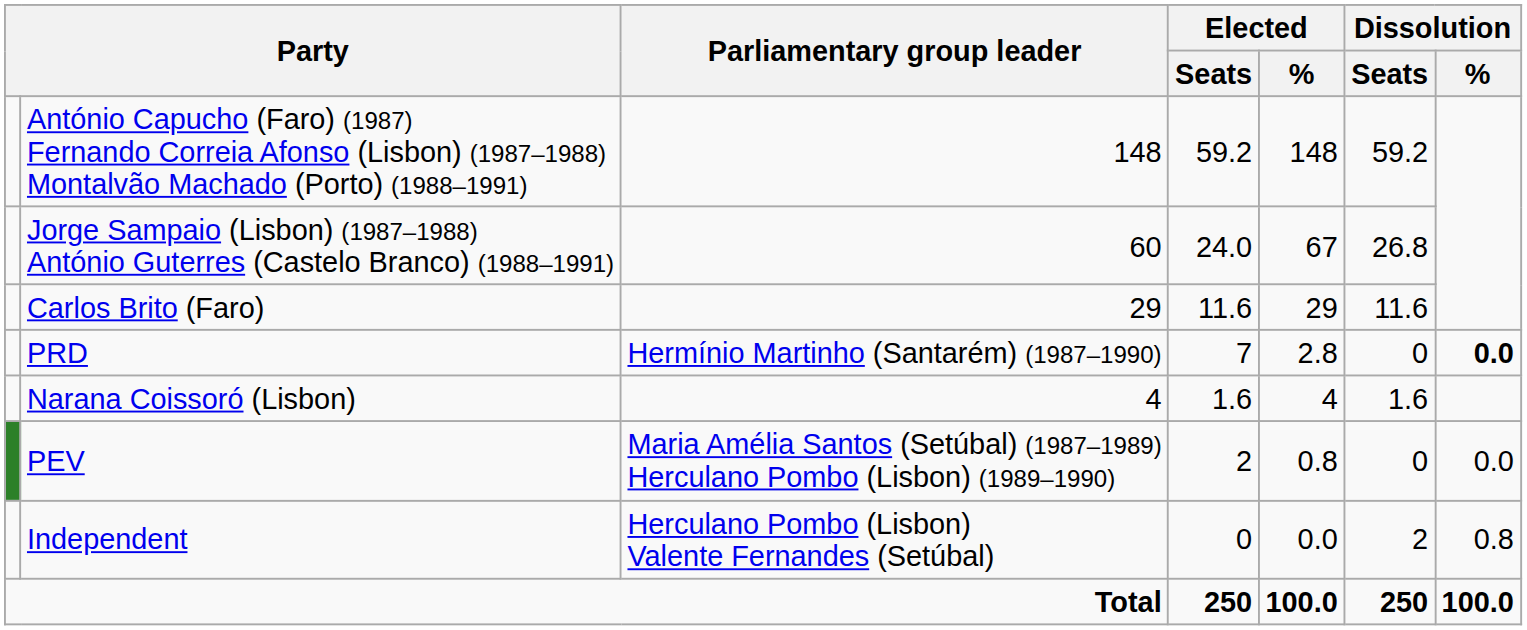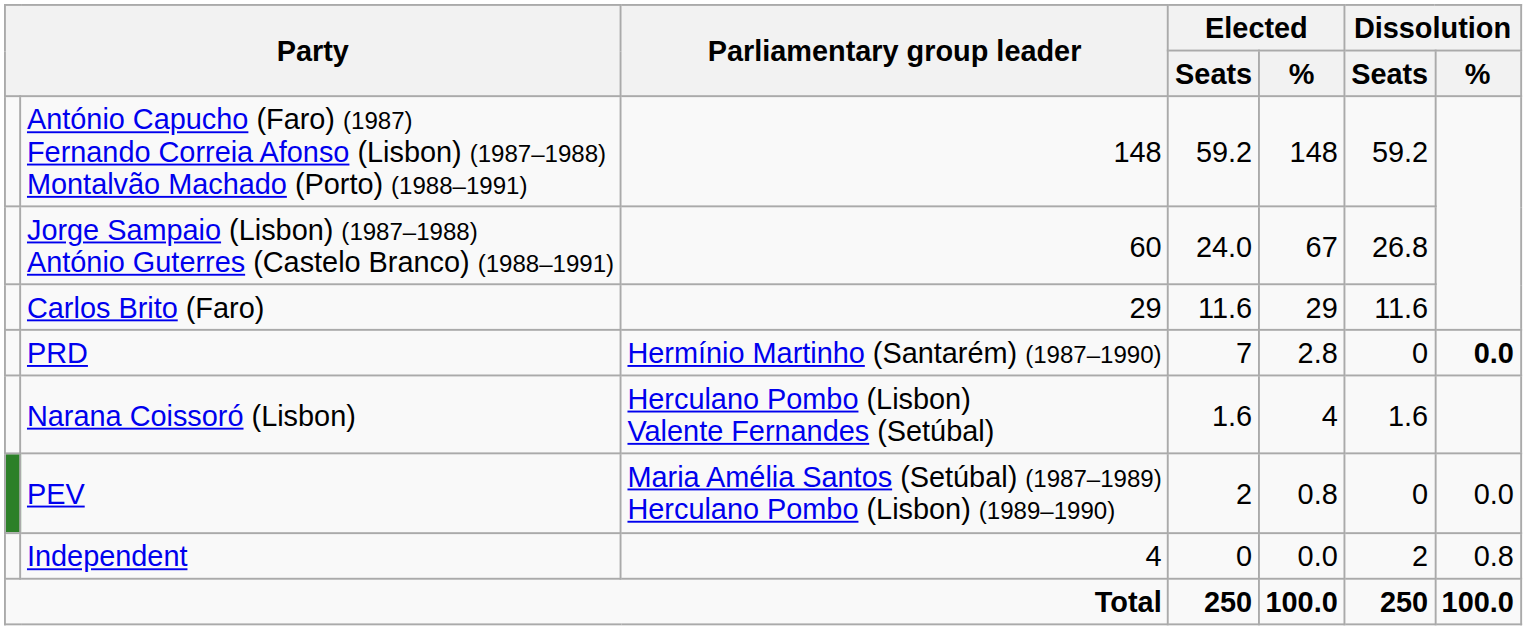 <table class="wikitable" style="text-align:right; font-size:95%;">
 <tr>
 <th colspan="2" rowspan="2">Party</th>
 <th rowspan="2">Parliamentary group leader</th>
 <th colspan="2">Elected</th>
 <th colspan="2">Dissolution</th>
 </tr>
 <tr>
 <th>Seats</th>
 <th>%</th>
 <th>Seats</th>
 <th>%</th>
 </tr>
 <tr>
 <td></td>
 <td align="left"><a href='#'>António Capucho</a> (Faro) <small>(1987)</small><br><a href='#'>Fernando Correia Afonso</a> (Lisbon) <small>(1987–1988)</small><br><a href='#'>Montalvão Machado</a> (Porto) <small>(1988–1991)</small></td>
 <td align="right">148</td>
 <td align="right">59.2</td>
 <td align="right">148</td>
 <td align="right">59.2</td>
 </tr>
 <tr>
 <td></td>
 <td align="left"><a href='#'>Jorge Sampaio</a> (Lisbon) <small>(1987–1988)</small><br><a href='#'>António Guterres</a> (Castelo Branco) <small>(1988–1991)</small></td>
 <td align="right">60</td>
 <td align="right">24.0</td>
 <td align="right">67</td>
 <td align="right">26.8</td>
 </tr>
 <tr>
 <td></td>
 <td align="left"><a href='#'>Carlos Brito</a> (Faro)</td>
 <td align="right">29</td>
 <td align="right">11.6</td>
 <td align="right">29</td>
 <td align="right">11.6</td>
 </tr>
 <tr>
 <td style="width:1px; background:"></td>
 <td style="text-align:left;"><a href='#'>PRD</a></td>
 <td align="left"><a href='#'>Hermínio Martinho</a> (Santarém) <small>(1987–1990)</small></td>
 <td align="right">7</td>
 <td align="right">2.8</td>
 <td align="right">0</td>
 <td align="right"><strong>0.0</strong></td>
 </tr>
 <tr>
 <td></td>
 <td align="left"><a href='#'>Narana Coissoró</a> (Lisbon)</td>
-<td align="right">4</td>
+<td align="left"><a href='#'>Herculano Pombo</a> (Lisbon)<br><a href='#'>Valente Fernandes</a> (Setúbal)</td>
 <td align="right">1.6</td>
 <td align="right">4</td>
 <td align="right">1.6</td>
 </tr>
 <tr>
 <td style="width:1px; background:#2C8028; text-align:center;"></td>
 <td style="text-align:left;"><a href='#'>PEV</a></td>
 <td align="left"><a href='#'>Maria Amélia Santos</a> (Setúbal) <small>(1987–1989)</small><br><a href='#'>Herculano Pombo</a> (Lisbon) <small>(1989–1990)</small></td>
 <td align="right">2</td>
 <td align="right">0.8</td>
 <td align="right">0</td>
 <td align="right">0.0</td>
 </tr>
 <tr>
 <td style="width:1px; background:"></td>
 <td style="text-align:left;"><a href='#'>Independent</a></td>
-<td align="left"><a href='#'>Herculano Pombo</a> (Lisbon)<br><a href='#'>Valente Fernandes</a> (Setúbal)</td>
+<td align="right">4</td>
 <td align="right">0</td>
 <td align="right">0.0</td>
 <td align="right">2</td>
 <td align="right">0.8</td>
 </tr>
 <tr>
 <td colspan="3"> <strong>Total</strong></td>
 <td align="right"><strong>250</strong></td>
 <td align="right"><strong>100.0</strong></td>
 <td align="right"><strong>250</strong></td>
 <td align="right"><strong>100.0</strong></td>
 </tr>
 </table>
